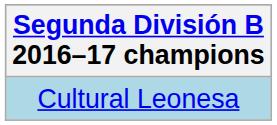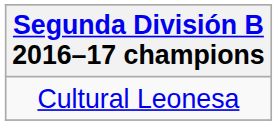 <table class="wikitable" style="text-align: center; margin: 0 auto;">
 <tr>
 <th><a href='#'>Segunda División B</a><br>2016–17 champions</th>
 </tr>
 <tr>
-<td style="background: lightblue;"><a href='#'>Cultural Leonesa</a></td>
+<td><a href='#'>Cultural Leonesa</a></td>
 </tr>
 </table>
